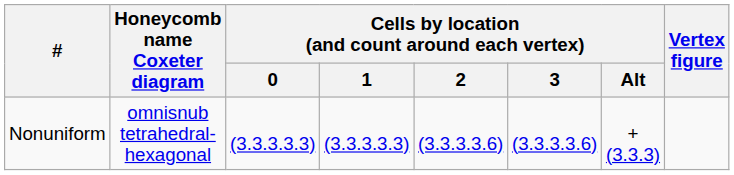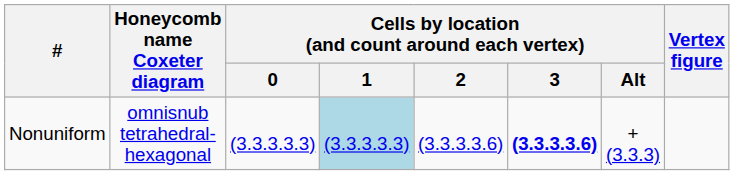 <table class="wikitable">
 <tr>
 <th rowspan=2>#</th>
 <th rowspan=2>Honeycomb name<br><a href='#'>Coxeter diagram</a></th>
 <th colspan=5>Cells by location<br>(and count around each vertex)</th>
 <th rowspan=2><a href='#'>Vertex figure</a></th>
 </tr>
 <tr>
 <th>0<br></th>
 <th>1<br></th>
 <th>2<br></th>
 <th>3<br></th>
 <th>Alt</th>
 </tr>
 <tr align=center>
 <td>Nonuniform</td>
 <td><a href='#'>omnisnub tetrahedral-hexagonal</a><br></td>
 <td><br><a href='#'>(3.3.3.3.3)</a></td>
-<td><br><a href='#'>(3.3.3.3.3)</a></td>
+<td style="background: lightblue;"><br><a href='#'>(3.3.3.3.3)</a></td>
 <td><br><a href='#'>(3.3.3.3.6)</a></td>
-<td><br><a href='#'>(3.3.3.3.6)</a></td>
+<td><strong><br><a href='#'>(3.3.3.3.6)</a></strong></td>
 <td><br>+<a href='#'>(3.3.3)</a></td>
 <td></td>
 </tr>
 </table>
